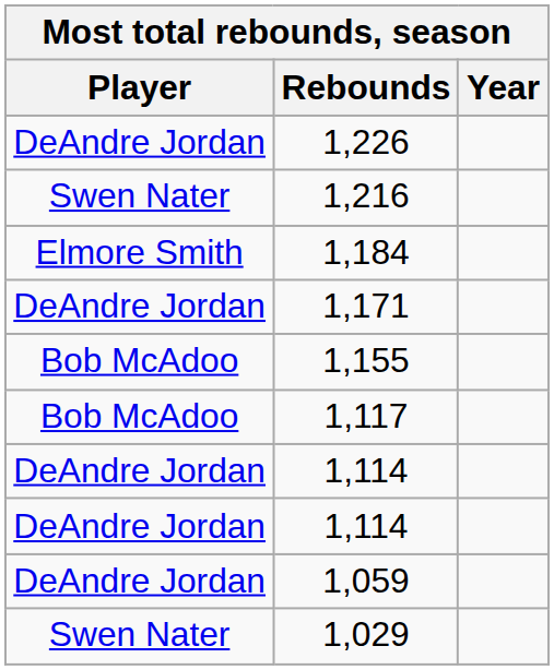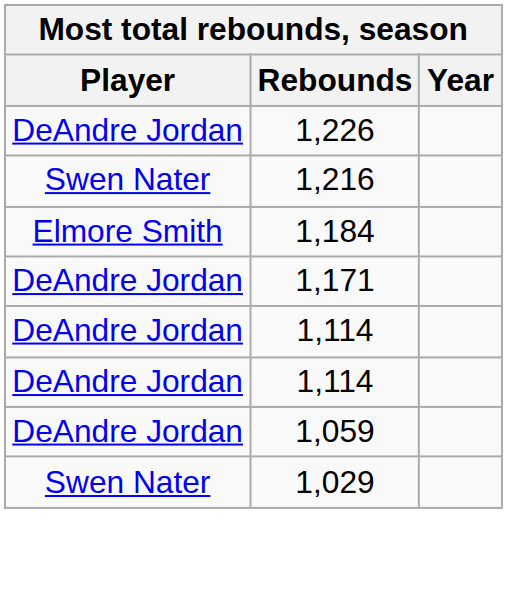 <table class="wikitable sortable" style="text-align:center">
 <tr>
 <th colspan="3">Most total rebounds, season</th>
 </tr>
 <tr>
 <th>Player</th>
 <th>Rebounds</th>
 <th>Year</th>
 </tr>
 <tr>
 <td><a href='#'>DeAndre Jordan</a></td>
 <td>1,226</td>
 <td></td>
 </tr>
 <tr>
 <td><a href='#'>Swen Nater</a></td>
 <td>1,216</td>
 <td></td>
 </tr>
 <tr>
 <td><a href='#'>Elmore Smith</a></td>
 <td>1,184</td>
 <td></td>
 </tr>
 <tr>
 <td><a href='#'>DeAndre Jordan</a></td>
 <td>1,171</td>
 <td></td>
 </tr>
 <tr>
-<td><a href='#'>Bob McAdoo</a></td>
-<td>1,155</td>
-<td></td>
-</tr>
-<tr>
-<td><a href='#'>Bob McAdoo</a></td>
-<td>1,117</td>
-<td></td>
-</tr>
-<tr>
 <td><a href='#'>DeAndre Jordan</a></td>
 <td>1,114</td>
 <td></td>
 </tr>
 <tr>
 <td><a href='#'>DeAndre Jordan</a></td>
 <td>1,114</td>
 <td></td>
 </tr>
 <tr>
 <td><a href='#'>DeAndre Jordan</a></td>
 <td>1,059</td>
 <td></td>
 </tr>
 <tr>
 <td><a href='#'>Swen Nater</a></td>
 <td>1,029</td>
 <td></td>
 </tr>
 </table>
